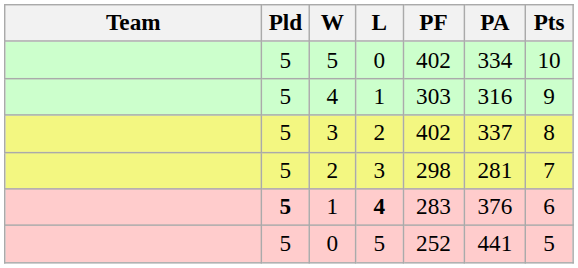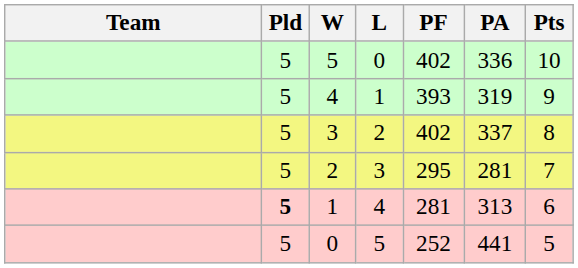 <table class="wikitable" style="text-align:center;">
 <tr>
 <th width=170>Team</th>
 <th width=25>Pld</th>
 <th width=25>W</th>
 <th width=25>L</th>
 <th width=35>PF</th>
 <th width=35>PA</th>
 <th width=25>Pts</th>
 </tr>
 <tr bgcolor=#ccffcc>
 <td align="left"></td>
 <td>5</td>
 <td>5</td>
 <td>0</td>
 <td>402</td>
-<td>334</td>
+<td>336</td>
 <td>10</td>
 </tr>
 <tr bgcolor=#ccffcc>
 <td align="left"></td>
 <td>5</td>
 <td>4</td>
 <td>1</td>
-<td>303</td>
-<td>316</td>
+<td>393</td>
+<td>319</td>
 <td>9</td>
 </tr>
 <tr bgcolor=#F3F781>
 <td align="left"></td>
 <td>5</td>
 <td>3</td>
 <td>2</td>
 <td>402</td>
 <td>337</td>
 <td>8</td>
 </tr>
 <tr bgcolor=#F3F781>
 <td align="left"></td>
 <td>5</td>
 <td>2</td>
 <td>3</td>
-<td>298</td>
+<td>295</td>
 <td>281</td>
 <td>7</td>
 </tr>
 <tr bgcolor=#ffcccc>
 <td align="left"></td>
 <td><strong>5</strong></td>
 <td>1</td>
-<td><strong>4</strong></td>
-<td>283</td>
-<td>376</td>
+<td>4</td>
+<td>281</td>
+<td>313</td>
 <td>6</td>
 </tr>
 <tr bgcolor=#ffcccc>
 <td align="left"></td>
 <td>5</td>
 <td>0</td>
 <td>5</td>
 <td>252</td>
 <td>441</td>
 <td>5</td>
 </tr>
 </table>
